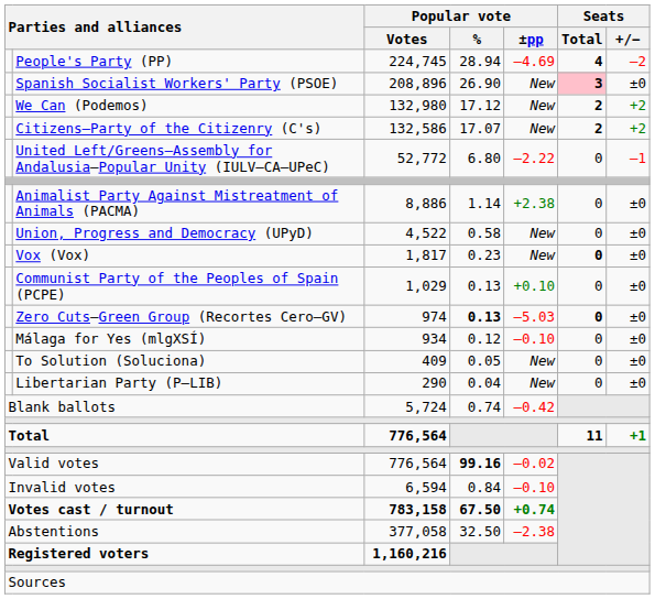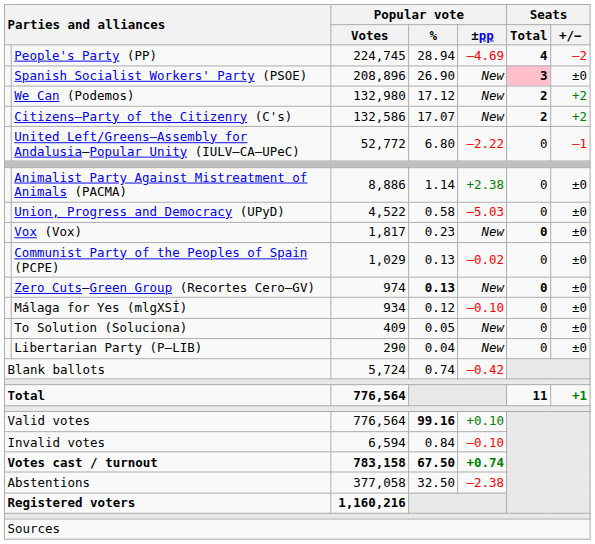 <table class="wikitable" style="text-align:right;">
 <tr>
 <th style="text-align:left;" rowspan="2" colspan="2" width="525">Parties and alliances</th>
 <th colspan="3">Popular vote</th>
 <th colspan="2">Seats</th>
 </tr>
 <tr>
 <th width="75">Votes</th>
 <th width="45">%</th>
 <th width="45">±<a href='#'>pp</a></th>
 <th width="35">Total</th>
 <th width="35">+/−</th>
 </tr>
 <tr>
 <td width="1" style="color:inherit;background:"></td>
 <td align="left"><a href='#'>People's Party</a> (PP)</td>
 <td>224,745</td>
 <td>28.94</td>
 <td style="color:red;">–4.69</td>
 <td><strong>4</strong></td>
 <td style="color:red;">–2</td>
 </tr>
 <tr>
 <td style="color:inherit;background:"></td>
 <td align="left"><a href='#'>Spanish Socialist Workers' Party</a> (PSOE)</td>
 <td>208,896</td>
 <td>26.90</td>
 <td><em>New</em></td>
 <td style="background: pink;"><strong>3</strong></td>
 <td>±0</td>
 </tr>
 <tr>
 <td style="color:inherit;background:"></td>
 <td align="left"><a href='#'>We Can</a> (Podemos)</td>
 <td>132,980</td>
 <td>17.12</td>
 <td><em>New</em></td>
 <td><strong>2</strong></td>
 <td style="color:green;">+2</td>
 </tr>
 <tr>
 <td style="color:inherit;background:"></td>
 <td align="left"><a href='#'>Citizens–Party of the Citizenry</a> (C's)</td>
 <td>132,586</td>
 <td>17.07</td>
 <td><em>New</em></td>
 <td><strong>2</strong></td>
 <td style="color:green;">+2</td>
 </tr>
 <tr>
 <td style="color:inherit;background:"></td>
 <td align="left"><a href='#'>United Left/Greens–Assembly for Andalusia</a>–<a href='#'>Popular Unity</a> (IULV–CA–UPeC)</td>
 <td>52,772</td>
 <td>6.80</td>
 <td style="color:red;">–2.22</td>
 <td>0</td>
 <td style="color:red;">–1</td>
 </tr>
 <tr>
 <td colspan="7" bgcolor="#C0C0C0"></td>
 </tr>
 <tr>
 <td style="color:inherit;background:"></td>
 <td align="left"><a href='#'>Animalist Party Against Mistreatment of Animals</a> (PACMA)</td>
 <td>8,886</td>
 <td>1.14</td>
 <td style="color:green;">+2.38</td>
 <td>0</td>
 <td>±0</td>
 </tr>
 <tr>
 <td style="color:inherit;background:"></td>
 <td align="left"><a href='#'>Union, Progress and Democracy</a> (UPyD)</td>
 <td>4,522</td>
 <td>0.58</td>
-<td><em>New</em></td>
+<td style="color:red;">–5.03</td>
 <td>0</td>
 <td>±0</td>
 </tr>
 <tr>
 <td style="color:inherit;background:"></td>
 <td align="left"><a href='#'>Vox</a> (Vox)</td>
 <td>1,817</td>
 <td>0.23</td>
 <td><em>New</em></td>
 <td><strong>0</strong></td>
 <td>±0</td>
 </tr>
 <tr>
 <td style="color:inherit;background:"></td>
 <td align="left"><a href='#'>Communist Party of the Peoples of Spain</a> (PCPE)</td>
 <td>1,029</td>
 <td>0.13</td>
-<td style="color:green;">+0.10</td>
+<td style="color:red;">–0.02</td>
 <td>0</td>
 <td>±0</td>
 </tr>
 <tr>
 <td style="color:inherit;background:"></td>
 <td align="left"><a href='#'>Zero Cuts</a>–<a href='#'>Green Group</a> (Recortes Cero–GV)</td>
 <td>974</td>
 <td><strong>0.13</strong></td>
-<td style="color:red;">–5.03</td>
+<td><em>New</em></td>
 <td><strong>0</strong></td>
 <td>±0</td>
 </tr>
 <tr>
 <td style="color:inherit;background:"></td>
 <td align="left">Málaga for Yes (mlgXSÍ)</td>
 <td>934</td>
 <td>0.12</td>
 <td style="color:red;">–0.10</td>
 <td>0</td>
 <td>±0</td>
 </tr>
 <tr>
 <td style="color:inherit;background:"></td>
 <td align="left">To Solution (Soluciona)</td>
 <td>409</td>
 <td>0.05</td>
 <td><em>New</em></td>
 <td>0</td>
 <td>±0</td>
 </tr>
 <tr>
 <td style="color:inherit;background:"></td>
 <td align="left">Libertarian Party (P–LIB)</td>
 <td>290</td>
 <td>0.04</td>
 <td><em>New</em></td>
 <td>0</td>
 <td>±0</td>
 </tr>
 <tr>
 <td align="left" colspan="2">Blank ballots</td>
 <td>5,724</td>
 <td>0.74</td>
 <td style="color:red;">–0.42</td>
 <td bgcolor="#E9E9E9" colspan="2"></td>
 </tr>
 <tr>
 <td colspan="7" bgcolor="#E9E9E9"></td>
 </tr>
 <tr style="font-weight:bold;">
 <td align="left" colspan="2">Total</td>
 <td>776,564</td>
 <td bgcolor="#E9E9E9" colspan="2"></td>
 <td>11</td>
 <td style="color:green;">+1</td>
 </tr>
 <tr>
 <td colspan="7" bgcolor="#E9E9E9"></td>
 </tr>
 <tr>
 <td align="left" colspan="2">Valid votes</td>
 <td>776,564</td>
 <td><strong>99.16</strong></td>
-<td style="color:red;">–0.02</td>
+<td style="color:green;">+0.10</td>
 <td bgcolor="#E9E9E9" colspan="2" rowspan="5"></td>
 </tr>
 <tr>
 <td align="left" colspan="2">Invalid votes</td>
 <td>6,594</td>
 <td>0.84</td>
 <td style="color:red;">–0.10</td>
 </tr>
 <tr style="font-weight:bold;">
 <td align="left" colspan="2">Votes cast / turnout</td>
 <td>783,158</td>
 <td>67.50</td>
 <td style="color:green;">+0.74</td>
 </tr>
 <tr>
 <td align="left" colspan="2">Abstentions</td>
 <td>377,058</td>
 <td>32.50</td>
 <td style="color:red;">–2.38</td>
 </tr>
 <tr style="font-weight:bold;">
 <td align="left" colspan="2">Registered voters</td>
 <td>1,160,216</td>
 <td bgcolor="#E9E9E9" colspan="2"></td>
 </tr>
 <tr>
 <td colspan="7" bgcolor="#E9E9E9"></td>
 </tr>
 <tr>
 <td align="left" colspan="7">Sources</td>
 </tr>
 </table>
